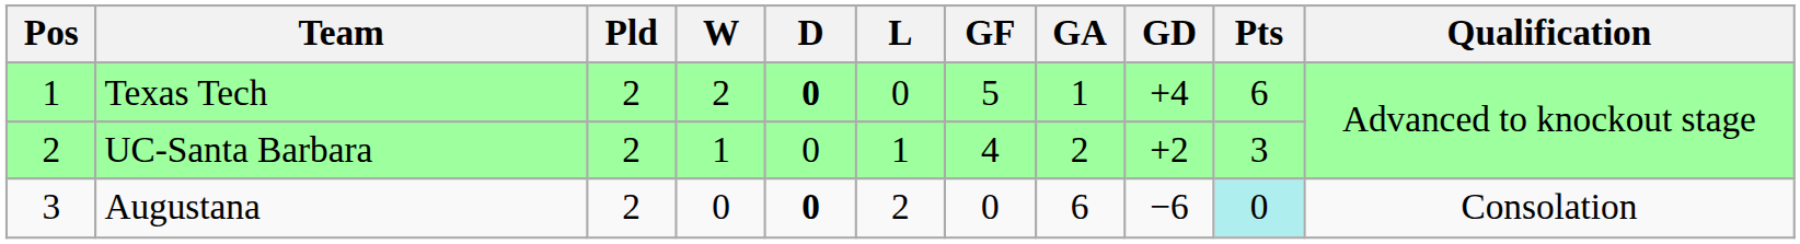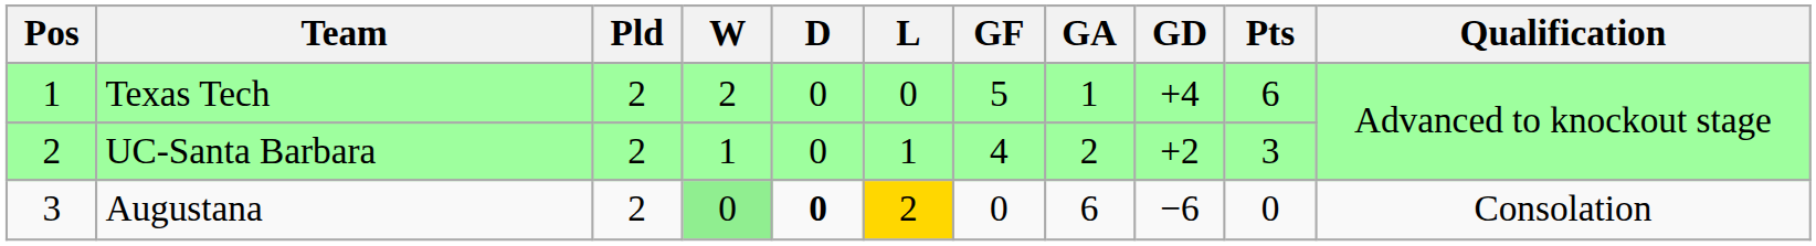 <table class="wikitable" style="text-align:center; margin: 1em auto">
 <tr>
 <th style="width:2em">Pos</th>
 <th style="width:13em">Team</th>
 <th style="width:2em">Pld</th>
 <th style="width:2em">W</th>
 <th style="width:2em">D</th>
 <th style="width:2em">L</th>
 <th style="width:2em">GF</th>
 <th style="width:2em">GA</th>
 <th style="width:2em">GD</th>
 <th style="width:2em">Pts</th>
 <th style="width:13em">Qualification</th>
 </tr>
 <tr bgcolor="#9eff9e">
 <td>1</td>
 <td style="text-align:left">Texas Tech</td>
 <td>2</td>
 <td>2</td>
-<td><strong>0</strong></td>
+<td>0</td>
 <td>0</td>
 <td>5</td>
 <td>1</td>
 <td>+4</td>
 <td>6</td>
 <td rowspan="2">Advanced to knockout stage</td>
 </tr>
 <tr bgcolor="#9eff9e">
 <td>2</td>
 <td style="text-align:left">UC-Santa Barbara</td>
 <td>2</td>
 <td>1</td>
 <td>0</td>
 <td>1</td>
 <td>4</td>
 <td>2</td>
 <td>+2</td>
 <td>3</td>
 </tr>
 <tr>
 <td>3</td>
 <td style="text-align:left">Augustana</td>
 <td>2</td>
-<td>0</td>
+<td style="background: lightgreen;">0</td>
 <td><strong>0</strong></td>
-<td>2</td>
+<td style="background: gold;">2</td>
 <td>0</td>
 <td>6</td>
 <td>−6</td>
-<td style="background: paleturquoise;">0</td>
+<td>0</td>
 <td>Consolation</td>
 </tr>
 </table>
